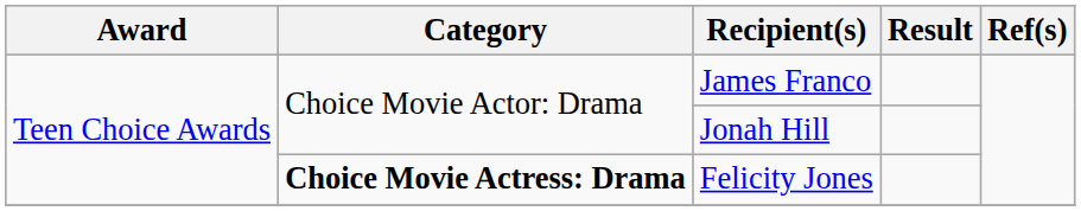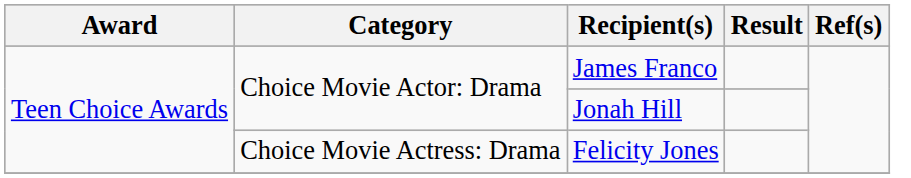 <table class="wikitable sortable">
 <tr>
 <th>Award</th>
 <th>Category</th>
 <th>Recipient(s)</th>
 <th>Result</th>
 <th>Ref(s)</th>
 </tr>
 <tr>
 <td rowspan="3"><a href='#'>Teen Choice Awards</a></td>
 <td rowspan="2">Choice Movie Actor: Drama</td>
 <td><a href='#'>James Franco</a></td>
 <td></td>
 <td rowspan="3"></td>
 </tr>
 <tr>
 <td><a href='#'>Jonah Hill</a></td>
 <td></td>
 </tr>
 <tr>
-<td><strong>Choice Movie Actress: Drama</strong></td>
+<td>Choice Movie Actress: Drama</td>
 <td><a href='#'>Felicity Jones</a></td>
 <td></td>
 </tr>
 <tr>
 </tr>
 </table>
